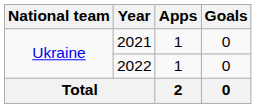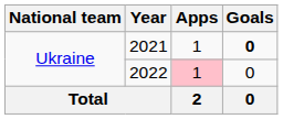 <table class="wikitable" style="text-align:center">
 <tr>
 <th>National team</th>
 <th>Year</th>
 <th>Apps</th>
 <th>Goals</th>
 </tr>
 <tr>
 <td rowspan="2"><a href='#'>Ukraine</a></td>
 <td>2021</td>
 <td>1</td>
-<td>0</td>
+<td><strong>0</strong></td>
 </tr>
 <tr>
 <td>2022</td>
-<td>1</td>
+<td style="background: pink;">1</td>
 <td>0</td>
 </tr>
 <tr>
 <th colspan="2">Total</th>
 <th>2</th>
 <th>0</th>
 </tr>
 </table>
